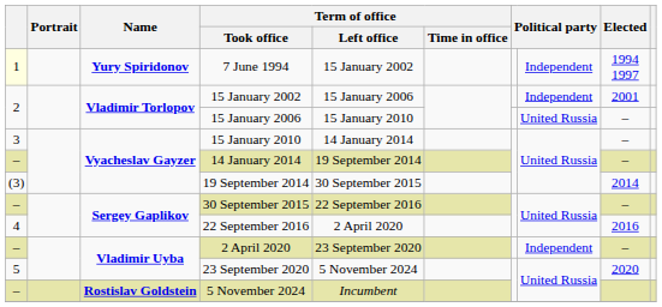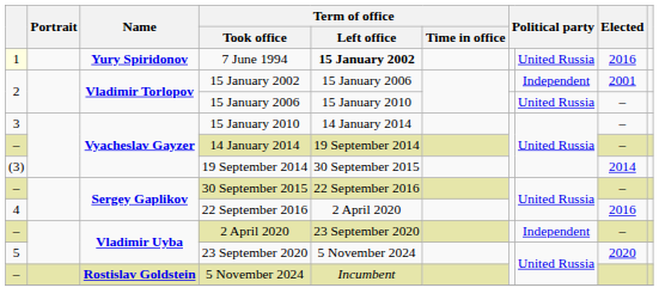 <table class="wikitable" style="text-align:center">
 <tr>
 <th rowspan=2></th>
 <th rowspan=2>Portrait</th>
 <th rowspan=2>Name<br></th>
 <th colspan=3>Term of office</th>
 <th colspan=2 rowspan=2>Political party</th>
 <th rowspan=2>Elected</th>
 <th rowspan=2></th>
 </tr>
 <tr>
 <th>Took office</th>
 <th>Left office</th>
 <th>Time in office</th>
 </tr>
 <tr>
 <td style="background: lightyellow;">1</td>
 <td></td>
 <td><strong><a href='#'>Yury Spiridonov</a></strong><br></td>
 <td>7 June 1994</td>
-<td>15 January 2002</td>
+<td><strong>15 January 2002</strong></td>
 <td></td>
 <td style="background: "></td>
-<td><a href='#'>Independent</a></td>
-<td><a href='#'>1994</a><br><a href='#'>1997</a></td>
+<td><a href='#'>United Russia</a></td>
+<td><a href='#'>2016</a></td>
 <td></td>
 </tr>
 <tr>
 <td rowspan=2>2</td>
 <td rowspan=2></td>
 <td rowspan=2><strong><a href='#'>Vladimir Torlopov</a></strong><br></td>
 <td>15 January 2002</td>
 <td>15 January 2006</td>
 <td rowspan=2></td>
 <td style="background: "></td>
 <td><a href='#'>Independent</a></td>
 <td><a href='#'>2001</a></td>
 </tr>
 <tr>
 <td>15 January 2006</td>
 <td>15 January 2010</td>
 <td style="background: "></td>
 <td><a href='#'>United Russia</a></td>
 <td>–</td>
 <td></td>
 </tr>
 <tr>
 <td>3</td>
 <td rowspan=3></td>
 <td rowspan=3><strong><a href='#'>Vyacheslav Gayzer</a></strong><br></td>
 <td>15 January 2010</td>
 <td>14 January 2014</td>
 <td></td>
 <td rowspan=3; style="background: "></td>
 <td rowspan=3><a href='#'>United Russia</a></td>
 <td>–</td>
 <td></td>
 </tr>
 <tr style="background:#e6e6aa;">
 <td>–</td>
 <td>14 January 2014</td>
 <td>19 September 2014</td>
 <td></td>
 <td>–</td>
 <td></td>
 </tr>
 <tr>
 <td>(3)</td>
 <td>19 September 2014</td>
 <td>30 September 2015</td>
 <td></td>
 <td><a href='#'>2014</a></td>
 <td></td>
 </tr>
 <tr>
 <td style="background:#e6e6aa;">–</td>
 <td rowspan=2></td>
 <td rowspan=2><strong><a href='#'>Sergey Gaplikov</a></strong><br></td>
 <td style="background:#e6e6aa;">30 September 2015</td>
 <td style="background:#e6e6aa;">22 September 2016</td>
 <td style="background:#e6e6aa;"></td>
 <td rowspan=2; style="background: "></td>
 <td rowspan=2><a href='#'>United Russia</a></td>
 <td style="background:#e6e6aa;">–</td>
 <td style="background:#e6e6aa;"></td>
 </tr>
 <tr>
 <td>4</td>
 <td>22 September 2016</td>
 <td>2 April 2020</td>
 <td></td>
 <td><a href='#'>2016</a></td>
 <td></td>
 </tr>
 <tr>
 <td style="background:#e6e6aa;">–</td>
 <td rowspan=2></td>
 <td rowspan=2><strong><a href='#'>Vladimir Uyba</a></strong><br></td>
 <td style="background:#e6e6aa;">2 April 2020</td>
 <td style="background:#e6e6aa;">23 September 2020</td>
 <td style="background:#e6e6aa;"></td>
 <td style="background: "></td>
 <td><a href='#'>Independent</a></td>
 <td style="background:#e6e6aa;">–</td>
 <td style="background:#e6e6aa;"></td>
 </tr>
 <tr>
 <td>5</td>
 <td>23 September 2020</td>
 <td>5 November 2024</td>
 <td></td>
 <td rowspan=2; style="background: "></td>
 <td rowspan=2><a href='#'>United Russia</a></td>
 <td><a href='#'>2020</a></td>
 </tr>
 <tr>
 <td style="background:#e6e6aa;">–</td>
 <td style="background:#e6e6aa;"></td>
 <td style="background:#e6e6aa;"><strong><a href='#'>Rostislav Goldstein</a></strong><br></td>
 <td style="background:#e6e6aa;">5 November 2024</td>
 <td style="background:#e6e6aa;"><em>Incumbent</em></td>
 <td style="background:#e6e6aa;"></td>
 <td style="background:#e6e6aa;"></td>
 <td style="background:#e6e6aa;"></td>
 </tr>
 <tr>
 </tr>
 </table>
